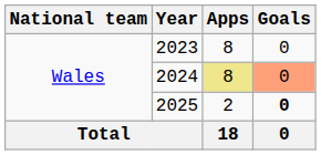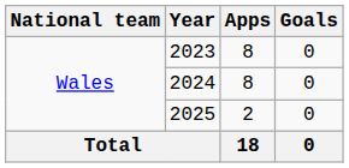 <table class="wikitable" style="text-align:center">
 <tr>
 <th>National team</th>
 <th>Year</th>
 <th>Apps</th>
 <th>Goals</th>
 </tr>
 <tr>
 <td rowspan="3"><a href='#'>Wales</a></td>
 <td>2023</td>
 <td>8</td>
 <td>0</td>
 </tr>
 <tr>
 <td>2024</td>
-<td style="background: khaki;">8</td>
-<td style="background: lightsalmon;">0</td>
+<td>8</td>
+<td>0</td>
 </tr>
 <tr>
 <td>2025</td>
 <td>2</td>
-<td><strong>0</strong></td>
+<td>0</td>
 </tr>
 <tr>
 <th colspan="2">Total</th>
 <th>18</th>
 <th>0</th>
 </tr>
 </table>
